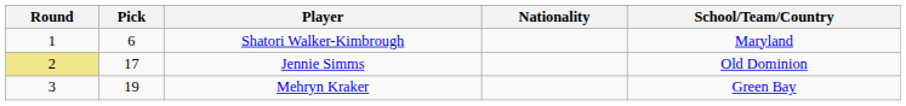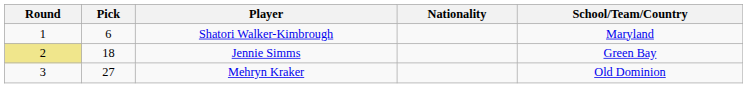 <table class="wikitable" style="text-align:center; width:60em">
 <tr>
 <th>Round</th>
 <th>Pick</th>
 <th>Player</th>
 <th>Nationality</th>
 <th>School/Team/Country</th>
 </tr>
 <tr>
 <td>1</td>
 <td>6</td>
 <td><a href='#'>Shatori Walker-Kimbrough</a></td>
 <td></td>
 <td><a href='#'>Maryland</a></td>
 </tr>
 <tr>
 <td style="background: khaki;">2</td>
-<td>17</td>
+<td>18</td>
 <td><a href='#'>Jennie Simms</a></td>
+<td></td>
+<td><a href='#'>Green Bay</a></td>
+</tr>
+<tr>
+<td>3</td>
+<td>27</td>
+<td><a href='#'>Mehryn Kraker</a></td>
 <td></td>
 <td><a href='#'>Old Dominion</a></td>
 </tr>
-<tr>
-<td>3</td>
-<td>19</td>
-<td><a href='#'>Mehryn Kraker</a></td>
-<td></td>
-<td><a href='#'>Green Bay</a></td>
-</tr>
 </table>
